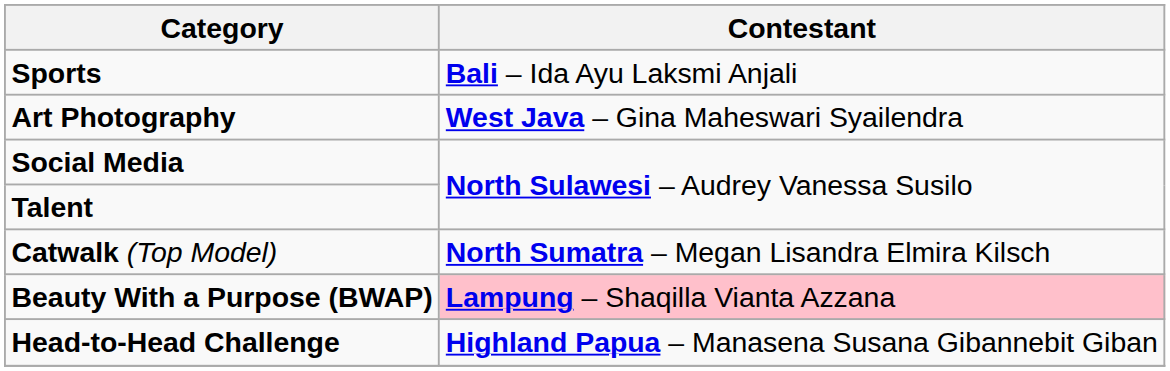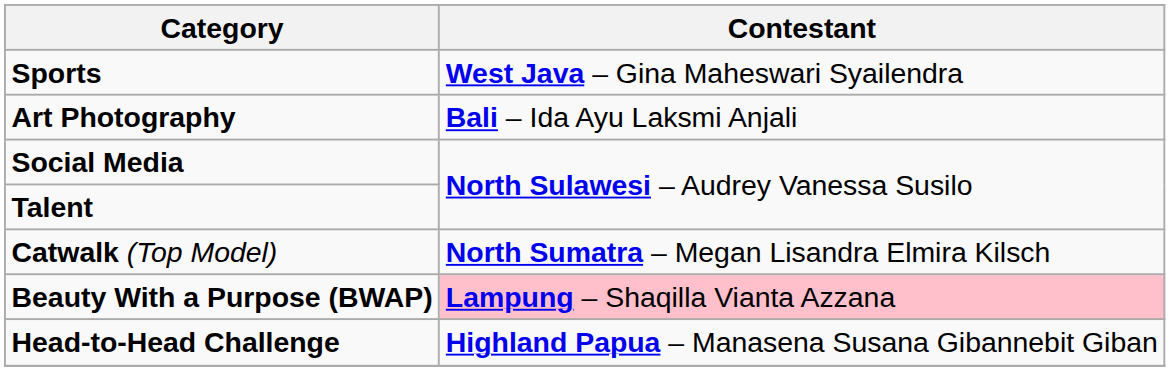 <table class="wikitable" style="font-size:95%;">
 <tr>
 <th>Category</th>
 <th>Contestant</th>
 </tr>
 <tr>
 <td><strong>Sports</strong></td>
-<td> <strong><a href='#'>Bali</a></strong> – Ida Ayu Laksmi Anjali</td>
+<td> <strong><a href='#'>West Java</a></strong> – Gina Maheswari Syailendra</td>
 </tr>
 <tr>
 <td><strong>Art Photography</strong></td>
-<td> <strong><a href='#'>West Java</a></strong> – Gina Maheswari Syailendra</td>
+<td> <strong><a href='#'>Bali</a></strong> – Ida Ayu Laksmi Anjali</td>
 </tr>
 <tr>
 <td><strong>Social Media</strong></td>
 <td rowspan="2"> <strong><a href='#'>North Sulawesi</a></strong> – Audrey Vanessa Susilo</td>
 </tr>
 <tr>
 <td><strong>Talent</strong></td>
 </tr>
 <tr>
 <td><strong>Catwalk</strong> <em>(Top Model)</em></td>
 <td> <strong><a href='#'>North Sumatra</a></strong> – Megan Lisandra Elmira Kilsch</td>
 </tr>
 <tr>
 <td><strong>Beauty With a Purpose (BWAP)</strong></td>
 <td style="background: pink;"> <strong><a href='#'>Lampung</a></strong> – Shaqilla Vianta Azzana</td>
 </tr>
 <tr>
 <td><strong>Head-to-Head Challenge</strong></td>
 <td><strong> <a href='#'>Highland Papua</a></strong> – Manasena Susana Gibannebit Giban</td>
 </tr>
 <tr>
 </tr>
 </table>
